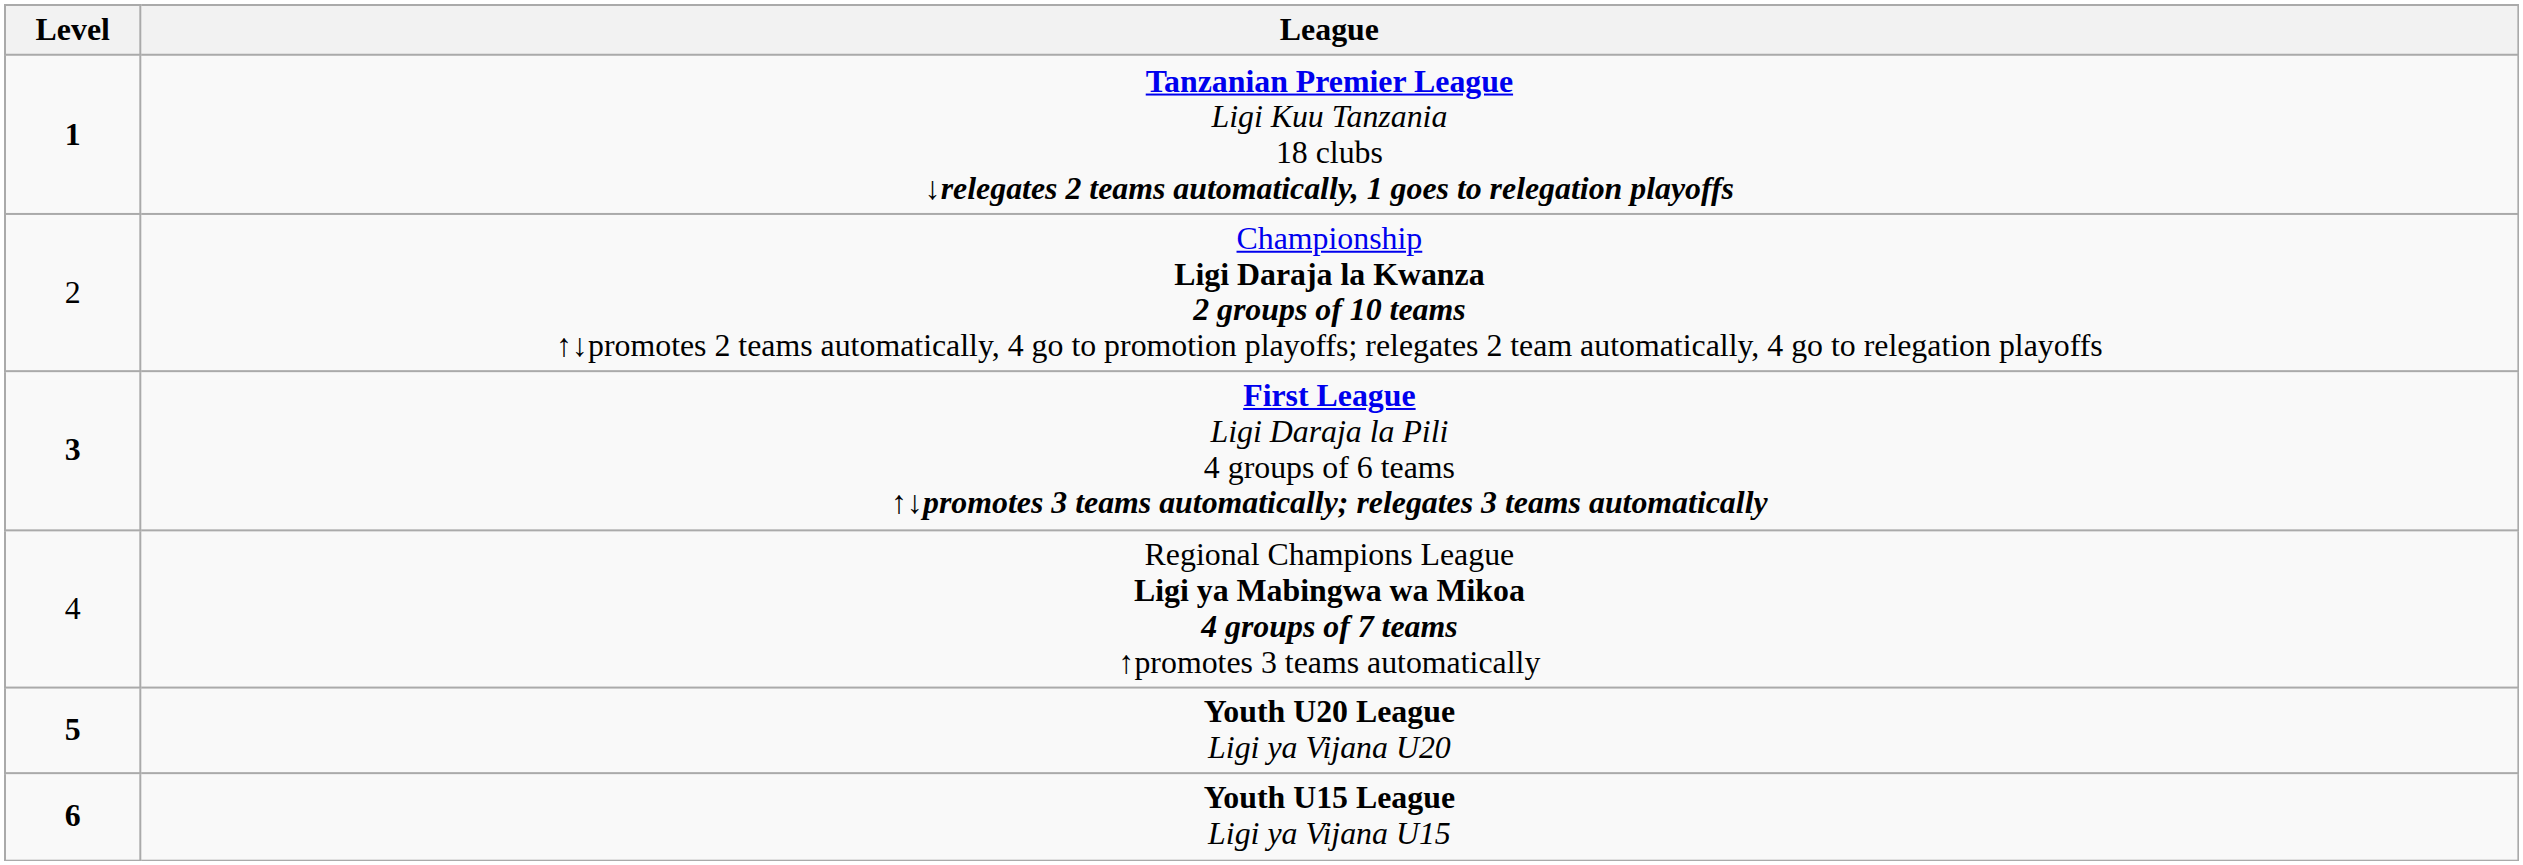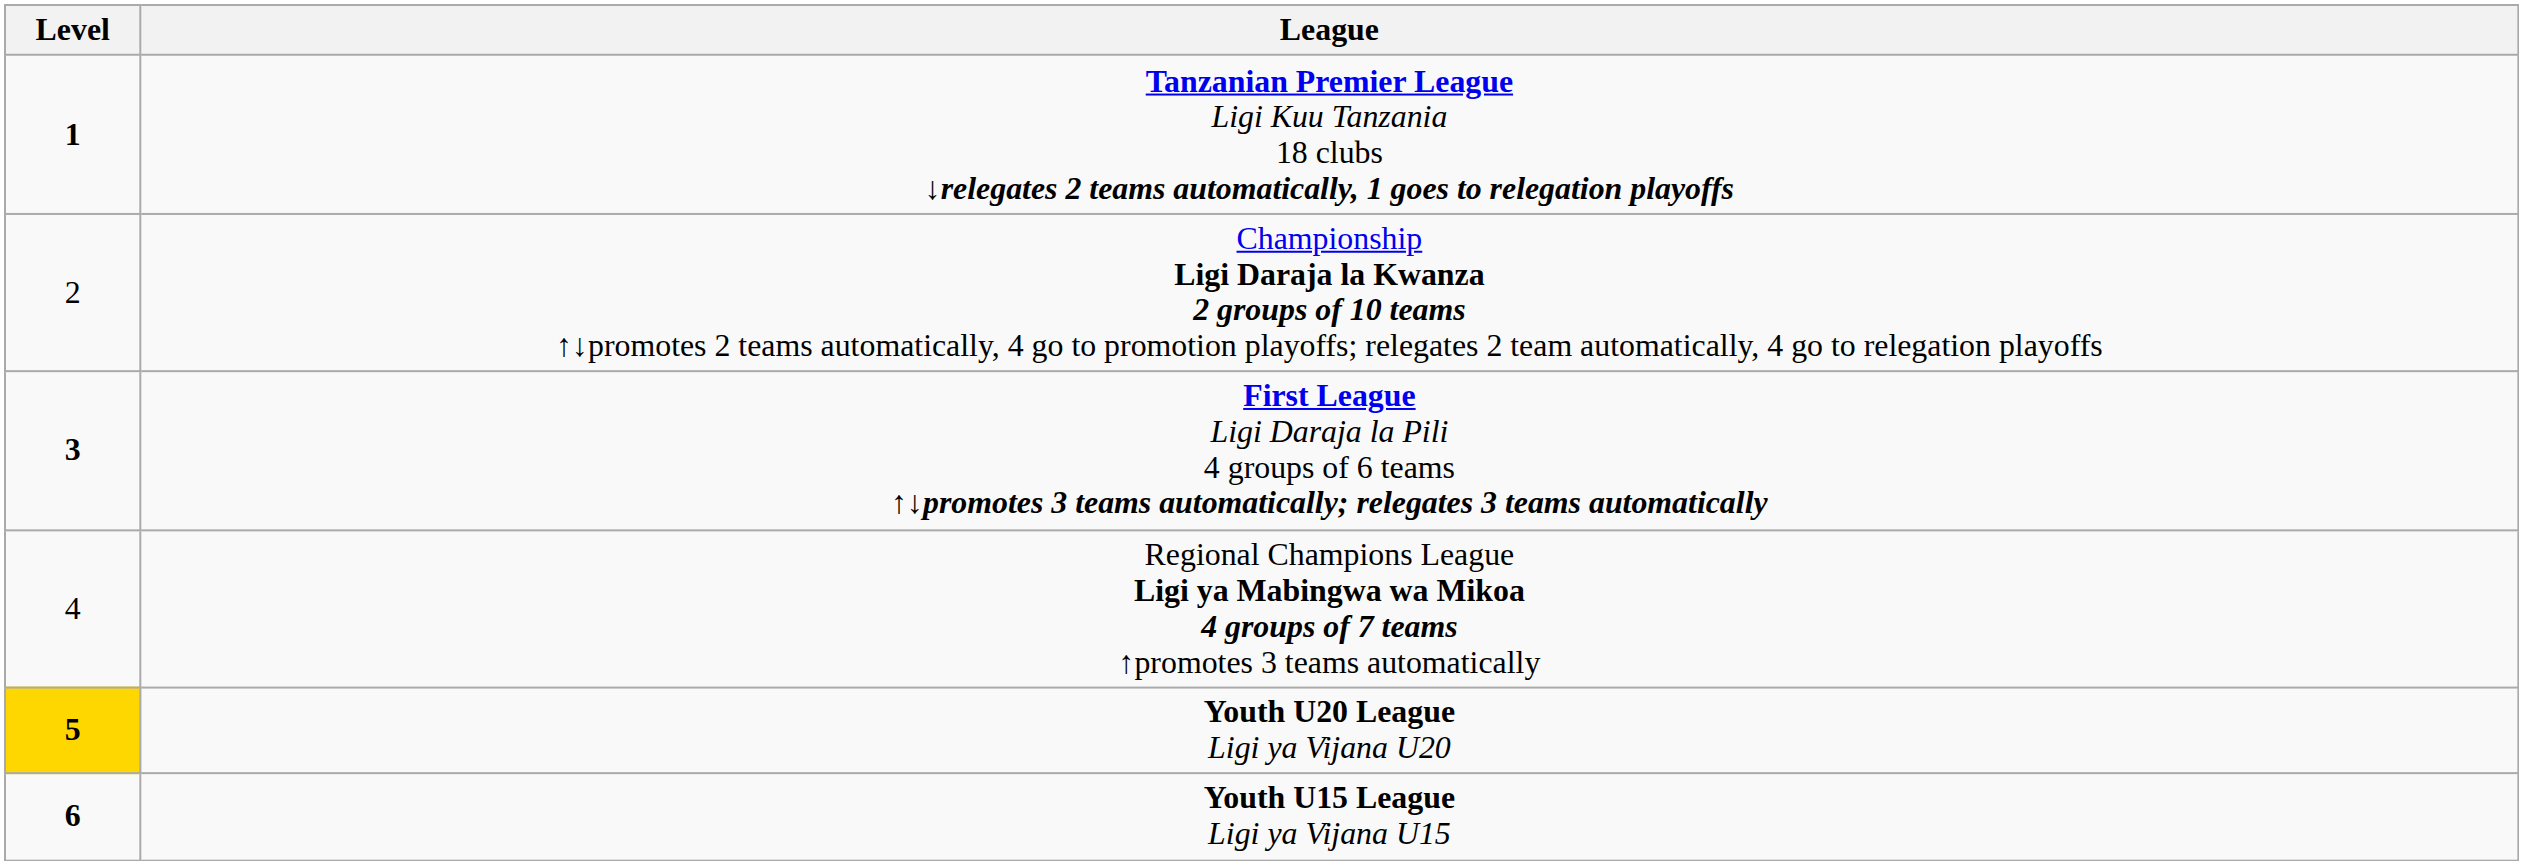 <table class="wikitable" style="text-align: center;" width="100%">
 <tr>
 <th>Level</th>
 <th>League</th>
 </tr>
 <tr>
 <td><strong>1</strong></td>
 <td><strong><a href='#'>Tanzanian Premier League</a></strong> <br><em>Ligi Kuu Tanzania</em> <br>18 clubs <br><strong><em>↓<strong>relegates 2 teams automatically, 1 goes to relegation playoffs<em></td>
 </tr>
 <tr>
 <td></strong>2<strong></td>
 <td></strong><a href='#'>Championship</a><strong> <br></em>Ligi Daraja la Kwanza<em> <br>2 groups of 10 teams<br></em></strong>↑↓</strong>promotes 2 teams automatically, 4 go to promotion playoffs; relegates 2 team automatically, 4 go to relegation playoffs</em></td>
 </tr>
 <tr>
 <td><strong>3</strong></td>
 <td><strong><a href='#'>First League</a></strong> <br><em>Ligi Daraja la Pili</em> <br>4 groups of 6 teams <br><strong><em>↑↓<strong>promotes 3 teams automatically; relegates 3 teams automatically<em></td>
 </tr>
 <tr>
 <td></strong>4<strong></td>
 <td></strong>Regional Champions League<strong> <br></em>Ligi ya Mabingwa wa Mikoa<em> <br>4 groups of 7 teams<br></em></strong>↑</strong>promotes 3 teams automatically</em></td>
 </tr>
 <tr>
-<td><strong>5</strong></td>
+<td style="background: gold;"><strong>5</strong></td>
 <td><strong>Youth U20 League</strong> <br><em>Ligi ya Vijana U20</em> <br></td>
 </tr>
 <tr>
 <td><strong>6</strong></td>
 <td><strong>Youth U15 League</strong> <br><em>Ligi ya Vijana U15</em> <br></td>
 </tr>
 </table>
